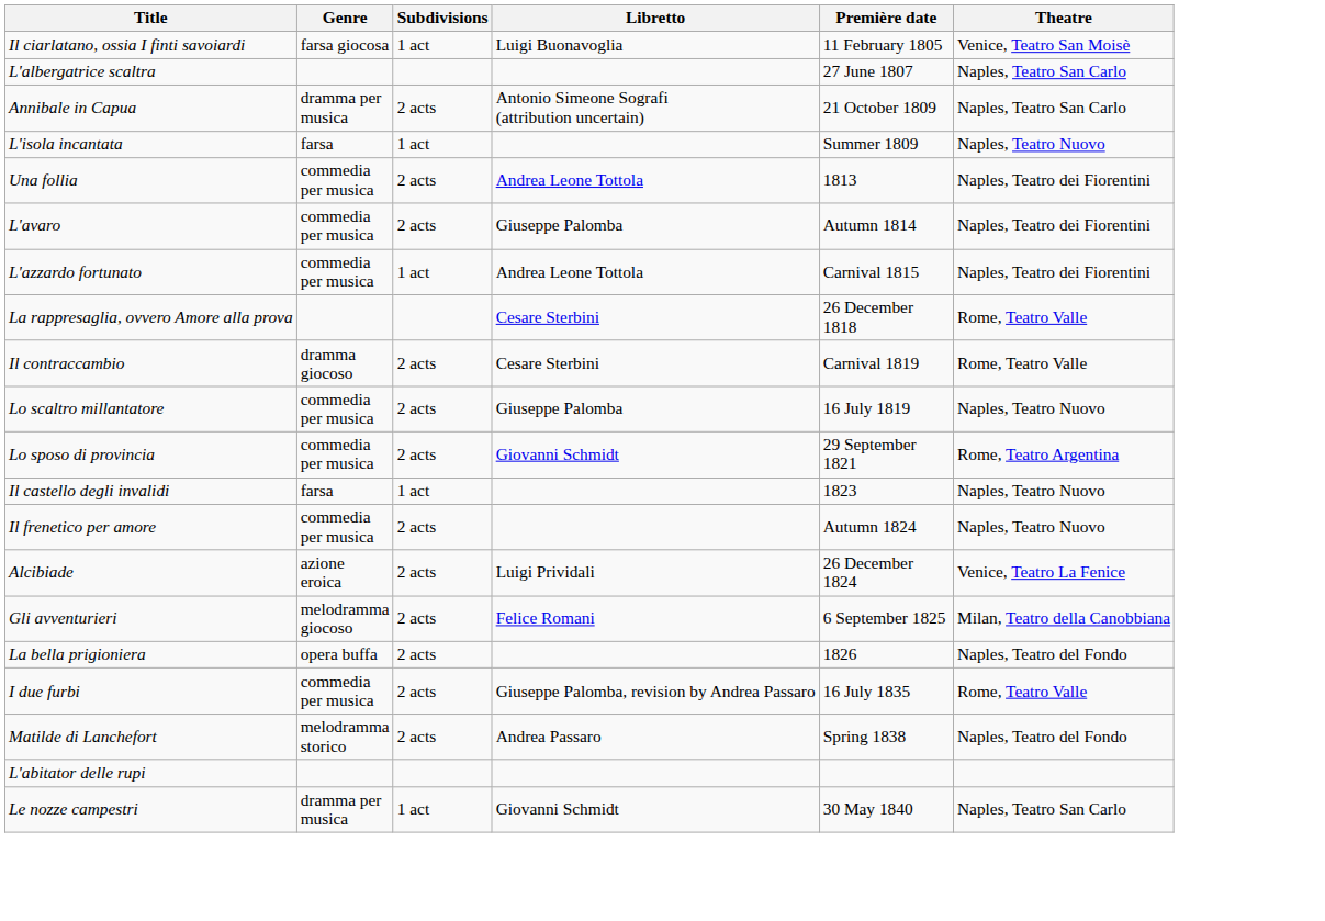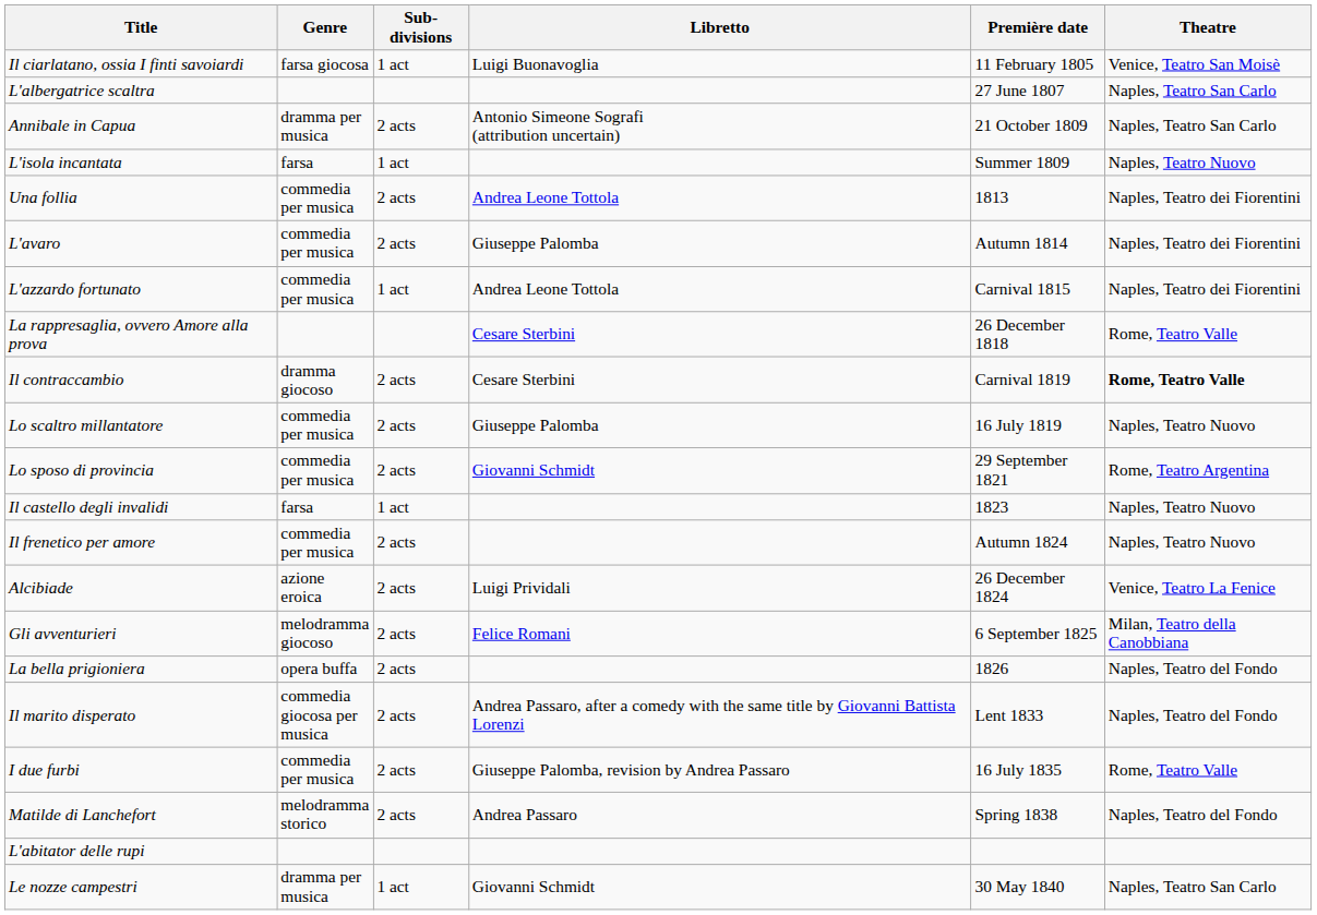 <table class="wikitable sortable">
 <tr>
 <th>Title</th>
 <th width="70px">Genre</th>
 <th>Sub­divisions</th>
 <th>Libretto</th>
 <th width="120px">Première date</th>
 <th>Theatre</th>
 </tr>
 <tr>
 <td><em>Il ciarlatano, ossia I finti savoiardi</em></td>
 <td>farsa giocosa</td>
 <td>1 act</td>
 <td>Luigi Buonavoglia</td>
 <td>11 February 1805</td>
 <td>Venice, <a href='#'>Teatro San Moisè</a></td>
 </tr>
 <tr>
 <td><em>L'albergatrice scaltra</em></td>
 <td></td>
 <td></td>
 <td></td>
 <td>27 June 1807</td>
 <td>Naples, <a href='#'>Teatro San Carlo</a></td>
 </tr>
 <tr>
 <td><em>Annibale in Capua</em></td>
 <td>dramma per musica</td>
 <td>2 acts</td>
 <td>Antonio Simeone Sografi<br>(attribution uncertain)</td>
 <td>21 October 1809</td>
 <td>Naples, Teatro San Carlo</td>
 </tr>
 <tr>
 <td><em>L'isola incantata</em></td>
 <td>farsa</td>
 <td>1 act</td>
 <td></td>
 <td>Summer 1809</td>
 <td>Naples, <a href='#'>Teatro Nuovo</a></td>
 </tr>
 <tr>
 <td><em>Una follia</em></td>
 <td>commedia per musica</td>
 <td>2 acts</td>
 <td><a href='#'>Andrea Leone Tottola</a></td>
 <td>1813</td>
 <td>Naples, Teatro dei Fiorentini</td>
 </tr>
 <tr>
 <td><em>L'avaro</em></td>
 <td>commedia per musica</td>
 <td>2 acts</td>
 <td>Giuseppe Palomba</td>
 <td>Autumn 1814</td>
 <td>Naples, Teatro dei Fiorentini</td>
 </tr>
 <tr>
 <td><em>L'azzardo fortunato</em></td>
 <td>commedia per musica</td>
 <td>1 act</td>
 <td>Andrea Leone Tottola</td>
 <td>Carnival 1815</td>
 <td>Naples, Teatro dei Fiorentini</td>
 </tr>
 <tr>
 <td><em>La rappresaglia, ovvero Amore alla prova</em></td>
 <td></td>
 <td></td>
 <td><a href='#'>Cesare Sterbini</a></td>
 <td>26 December 1818</td>
 <td>Rome, <a href='#'>Teatro Valle</a></td>
 </tr>
 <tr>
 <td><em>Il contraccambio</em></td>
 <td>dramma giocoso</td>
 <td>2 acts</td>
 <td>Cesare Sterbini</td>
 <td>Carnival 1819</td>
-<td>Rome, Teatro Valle</td>
+<td><strong>Rome, Teatro Valle</strong></td>
 </tr>
 <tr>
 <td><em>Lo scaltro millantatore</em></td>
 <td>commedia per musica</td>
 <td>2 acts</td>
 <td>Giuseppe Palomba</td>
 <td>16 July 1819</td>
 <td>Naples, Teatro Nuovo</td>
 </tr>
 <tr>
 <td><em>Lo sposo di provincia</em></td>
 <td>commedia per musica</td>
 <td>2 acts</td>
 <td><a href='#'>Giovanni Schmidt</a></td>
 <td>29 September 1821</td>
 <td>Rome, <a href='#'>Teatro Argentina</a></td>
 </tr>
 <tr>
 <td><em>Il castello degli invalidi</em></td>
 <td>farsa</td>
 <td>1 act</td>
 <td></td>
 <td>1823</td>
 <td>Naples, Teatro Nuovo</td>
 </tr>
 <tr>
 <td><em>Il frenetico per amore</em></td>
 <td>commedia per musica</td>
 <td>2 acts</td>
 <td></td>
 <td>Autumn 1824</td>
 <td>Naples, Teatro Nuovo</td>
 </tr>
 <tr>
 <td><em>Alcibiade</em></td>
 <td>azione eroica</td>
 <td>2 acts</td>
 <td>Luigi Prividali</td>
 <td>26 December 1824</td>
 <td>Venice, <a href='#'>Teatro La Fenice</a></td>
 </tr>
 <tr>
 <td><em>Gli avventurieri</em></td>
 <td>melodramma giocoso</td>
 <td>2 acts</td>
 <td><a href='#'>Felice Romani</a></td>
 <td>6 September 1825</td>
 <td>Milan, <a href='#'>Teatro della Canobbiana</a></td>
 </tr>
 <tr>
 <td><em>La bella prigioniera</em></td>
 <td>opera buffa</td>
 <td>2 acts</td>
 <td></td>
 <td>1826</td>
 <td>Naples, Teatro del Fondo</td>
 </tr>
 <tr>
+<td><em>Il marito disperato</em></td>
+<td>commedia giocosa per musica</td>
+<td>2 acts</td>
+<td>Andrea Passaro, after a comedy with the same title by <a href='#'>Giovanni Battista Lorenzi</a></td>
+<td>Lent 1833</td>
+<td>Naples, Teatro del Fondo</td>
+</tr>
+<tr>
 <td><em>I due furbi</em></td>
 <td>commedia per musica</td>
 <td>2 acts</td>
 <td>Giuseppe Palomba, revision by Andrea Passaro</td>
 <td>16 July 1835</td>
 <td>Rome, <a href='#'>Teatro Valle</a></td>
 </tr>
 <tr>
 <td><em>Matilde di Lanchefort</em></td>
 <td>melodramma storico</td>
 <td>2 acts</td>
 <td>Andrea Passaro</td>
 <td>Spring 1838</td>
 <td>Naples, Teatro del Fondo</td>
 </tr>
 <tr>
 <td><em>L'abitator delle rupi</em></td>
 <td></td>
 <td></td>
 <td></td>
 <td></td>
 <td></td>
 </tr>
 <tr>
 <td><em>Le nozze campestri</em></td>
 <td>dramma per musica</td>
 <td>1 act</td>
 <td>Giovanni Schmidt</td>
 <td>30 May 1840</td>
 <td>Naples, Teatro San Carlo</td>
 </tr>
 </table>
